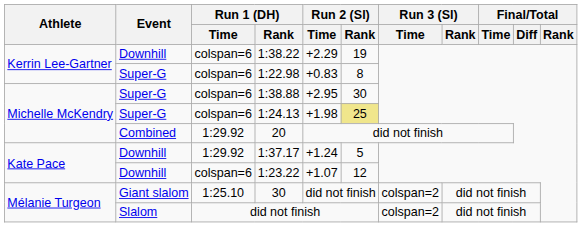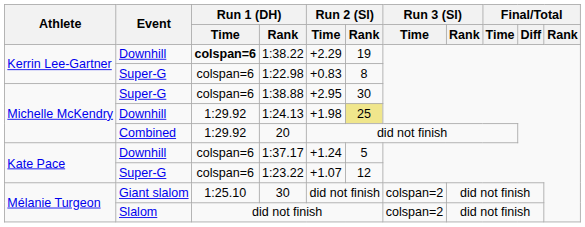 <table class="wikitable" style="font-size:90%">
 <tr>
 <th rowspan="2">Athlete</th>
 <th rowspan="2">Event</th>
 <th colspan="2">Run 1 (DH)</th>
 <th colspan="2">Run 2 (Sl)</th>
 <th colspan="2">Run 3 (Sl)</th>
 <th colspan="3">Final/Total</th>
 </tr>
 <tr>
 <th>Time</th>
 <th>Rank</th>
 <th>Time</th>
 <th>Rank</th>
 <th>Time</th>
 <th>Rank</th>
 <th>Time</th>
 <th>Diff</th>
 <th>Rank</th>
 </tr>
 <tr align="center">
 <td align="left" rowspan=2><a href='#'>Kerrin Lee-Gartner</a></td>
 <td align="left"><a href='#'>Downhill</a></td>
-<td>colspan=6 </td>
+<td><strong>colspan=6 </strong></td>
 <td>1:38.22</td>
 <td>+2.29</td>
 <td>19</td>
 </tr>
 <tr align="center">
 <td align="left"><a href='#'>Super-G</a></td>
 <td>colspan=6 </td>
 <td>1:22.98</td>
 <td>+0.83</td>
 <td>8</td>
 </tr>
 <tr align="center">
 <td align="left" rowspan=3><a href='#'>Michelle McKendry</a></td>
 <td align="left"><a href='#'>Super-G</a></td>
 <td>colspan=6 </td>
 <td>1:38.88</td>
 <td>+2.95</td>
 <td>30</td>
 </tr>
 <tr align="center">
-<td align="left"><a href='#'>Super-G</a></td>
-<td>colspan=6 </td>
+<td align="left"><a href='#'>Downhill</a></td>
+<td>1:29.92</td>
 <td>1:24.13</td>
 <td>+1.98</td>
 <td style="background: khaki;">25</td>
 </tr>
 <tr align="center">
 <td align="left"><a href='#'>Combined</a></td>
 <td>1:29.92</td>
 <td>20</td>
 <td colspan=5>did not finish</td>
 </tr>
 <tr align="center">
 <td align="left" rowspan=2><a href='#'>Kate Pace</a></td>
 <td align="left"><a href='#'>Downhill</a></td>
-<td>1:29.92</td>
+<td>colspan=6 </td>
 <td>1:37.17</td>
 <td>+1.24</td>
 <td>5</td>
 </tr>
 <tr align="center">
-<td align="left"><a href='#'>Downhill</a></td>
+<td align="left"><a href='#'>Super-G</a></td>
 <td>colspan=6 </td>
 <td>1:23.22</td>
 <td>+1.07</td>
 <td>12</td>
 </tr>
 <tr align="center">
 <td align="left" rowspan=2><a href='#'>Mélanie Turgeon</a></td>
 <td align="left"><a href='#'>Giant slalom</a></td>
 <td>1:25.10</td>
 <td>30</td>
 <td colspan=2>did not finish</td>
 <td>colspan=2 </td>
 <td colspan=3>did not finish</td>
 </tr>
 <tr align="center">
 <td align="left"><a href='#'>Slalom</a></td>
 <td colspan=4>did not finish</td>
 <td>colspan=2 </td>
 <td colspan=3>did not finish</td>
 </tr>
 </table>
